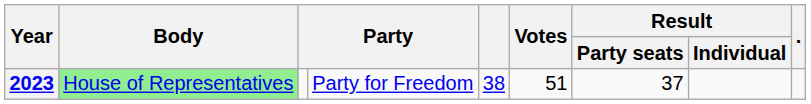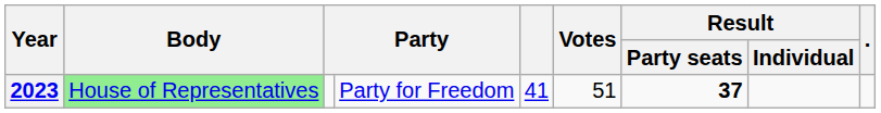 <table class="wikitable plainrowheaders sortable" border=2 cellpadding=4 cellspacing=0 style="border: 1px #aaa solid; font-size: 90%; text-align:center;">
 <tr>
 <th scope="col" rowspan=2>Year</th>
 <th scope="col" rowspan=2>Body</th>
 <th scope="col" colspan=2 rowspan=2>Party</th>
 <th scope="col" rowspan=2></th>
 <th scope="col" rowspan=2>Votes</th>
 <th scope="colgroup" colspan=2>Result</th>
 <th scope="col" rowspan=2 class="unsortable">.</th>
 </tr>
 <tr>
 <th scope="col">Party seats</th>
 <th scope="col">Individual</th>
 </tr>
 <tr>
 <th scope="row"><a href='#'>2023</a></th>
 <td style="background: lightgreen;"><a href='#'>House of Representatives</a></td>
 <td style="background-color:"></td>
 <td><a href='#'>Party for Freedom</a></td>
-<td style=text-align:right><a href='#'>38</a></td>
+<td style=text-align:right><a href='#'>41</a></td>
 <td style=text-align:right>51</td>
-<td style=text-align:right>37</td>
+<td style=text-align:right><strong>37</strong></td>
 <td></td>
 <td></td>
 </tr>
 </table>
